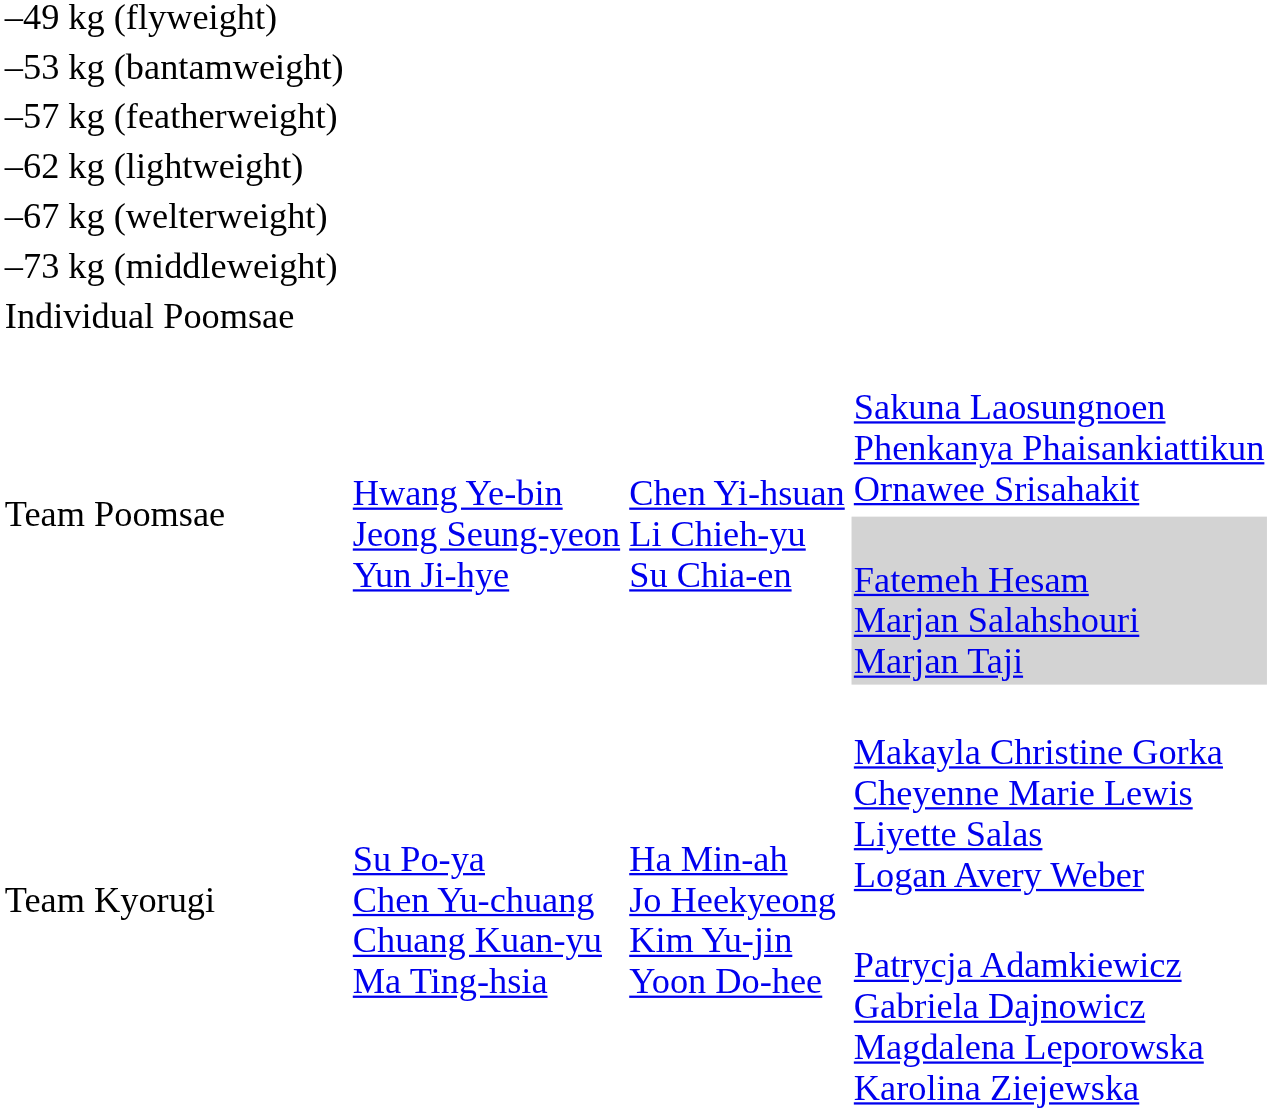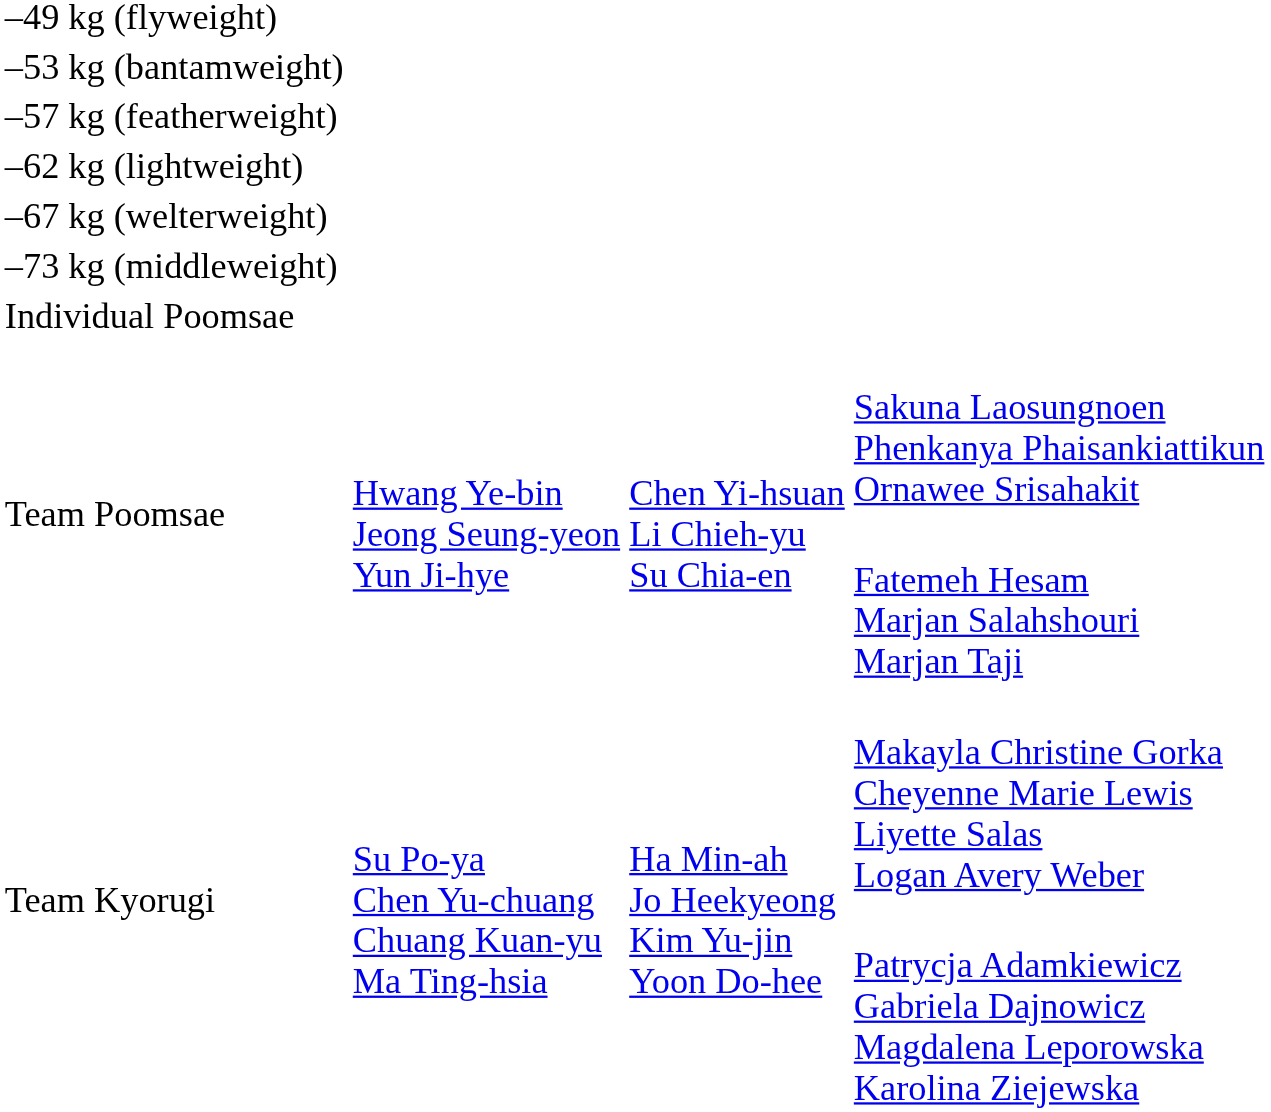 <table>
 <tr>
 <td rowspan=2>–49 kg (flyweight)<br></td>
 <td rowspan=2></td>
 <td rowspan=2></td>
 <td></td>
 </tr>
 <tr>
 <td></td>
 </tr>
 <tr>
 <td rowspan=2>–53 kg (bantamweight)<br></td>
 <td rowspan=2></td>
 <td rowspan=2></td>
 <td></td>
 </tr>
 <tr>
 <td></td>
 </tr>
 <tr>
 <td rowspan=2>–57 kg (featherweight)<br></td>
 <td rowspan=2></td>
 <td rowspan=2></td>
 <td></td>
 </tr>
 <tr>
 <td></td>
 </tr>
 <tr>
 <td rowspan=2>–62 kg (lightweight)<br></td>
 <td rowspan=2></td>
 <td rowspan=2></td>
 <td></td>
 </tr>
 <tr>
 <td></td>
 </tr>
 <tr>
 <td rowspan=2>–67 kg (welterweight)<br></td>
 <td rowspan=2></td>
 <td rowspan=2></td>
 <td></td>
 </tr>
 <tr>
 <td></td>
 </tr>
 <tr>
 <td rowspan=2>–73 kg (middleweight)<br></td>
 <td rowspan=2></td>
 <td rowspan=2></td>
 <td></td>
 </tr>
 <tr>
 <td></td>
 </tr>
 <tr>
 <td rowspan=2>Individual Poomsae<br></td>
 <td rowspan=2></td>
 <td rowspan=2></td>
 <td></td>
 </tr>
 <tr>
 <td></td>
 </tr>
 <tr>
 <td rowspan=2>Team Poomsae<br></td>
 <td rowspan=2><br><a href='#'>Hwang Ye-bin</a><br><a href='#'>Jeong Seung-yeon</a><br><a href='#'>Yun Ji-hye</a></td>
 <td rowspan=2><br><a href='#'>Chen Yi-hsuan</a><br><a href='#'>Li Chieh-yu</a><br><a href='#'>Su Chia-en</a></td>
 <td><br><a href='#'>Sakuna Laosungnoen</a><br><a href='#'>Phenkanya Phaisankiattikun</a><br><a href='#'>Ornawee Srisahakit</a></td>
 </tr>
 <tr>
-<td style="background: lightgrey;"><br><a href='#'>Fatemeh Hesam</a><br><a href='#'>Marjan Salahshouri</a><br><a href='#'>Marjan Taji</a></td>
+<td><br><a href='#'>Fatemeh Hesam</a><br><a href='#'>Marjan Salahshouri</a><br><a href='#'>Marjan Taji</a></td>
 </tr>
 <tr>
 <td rowspan=2>Team Kyorugi<br></td>
 <td rowspan=2><br><a href='#'>Su Po-ya</a><br><a href='#'>Chen Yu-chuang</a><br><a href='#'>Chuang Kuan-yu</a><br><a href='#'>Ma Ting-hsia</a></td>
 <td rowspan=2><br><a href='#'>Ha Min-ah</a><br><a href='#'>Jo Heekyeong</a><br><a href='#'>Kim Yu-jin</a><br><a href='#'>Yoon Do-hee</a></td>
 <td><br><a href='#'>Makayla Christine Gorka</a><br><a href='#'>Cheyenne Marie Lewis</a><br><a href='#'>Liyette Salas</a><br><a href='#'>Logan Avery Weber</a></td>
 </tr>
 <tr>
 <td><br><a href='#'>Patrycja Adamkiewicz</a><br><a href='#'>Gabriela Dajnowicz</a><br><a href='#'>Magdalena Leporowska</a><br><a href='#'>Karolina Ziejewska</a></td>
 </tr>
 </table>
